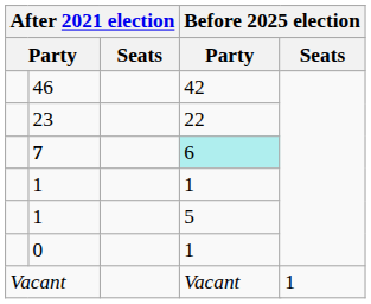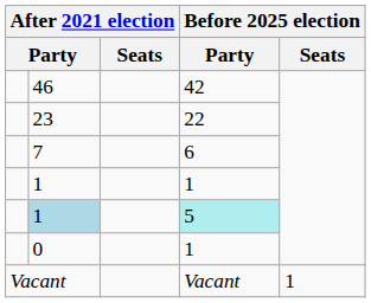 <table class="wikitable">
 <tr>
 <th colspan="3">After <a href='#'>2021 election</a></th>
 <th colspan="3">Before 2025 election</th>
 </tr>
 <tr>
 <th colspan="2">Party</th>
 <th>Seats</th>
 <th colspan="2">Party</th>
 <th>Seats</th>
 </tr>
 <tr>
 <td></td>
 <td>46</td>
 <td></td>
 <td>42</td>
 </tr>
 <tr>
 <td></td>
 <td>23</td>
 <td></td>
 <td>22</td>
 </tr>
 <tr>
 <td></td>
-<td><strong>7</strong></td>
+<td>7</td>
 <td></td>
-<td style="background: paleturquoise;">6</td>
+<td>6</td>
 </tr>
 <tr>
 <td></td>
 <td>1</td>
 <td></td>
 <td>1</td>
 </tr>
 <tr>
 <td></td>
-<td>1</td>
+<td style="background: lightblue;">1</td>
 <td></td>
-<td>5</td>
+<td style="background: paleturquoise;">5</td>
 </tr>
 <tr>
 <td></td>
 <td>0</td>
 <td></td>
 <td>1</td>
 </tr>
 <tr>
 <td colspan="2"><em>Vacant</em></td>
 <td></td>
 <td colspan="2"><em>Vacant</em></td>
 <td>1</td>
 </tr>
 </table>
